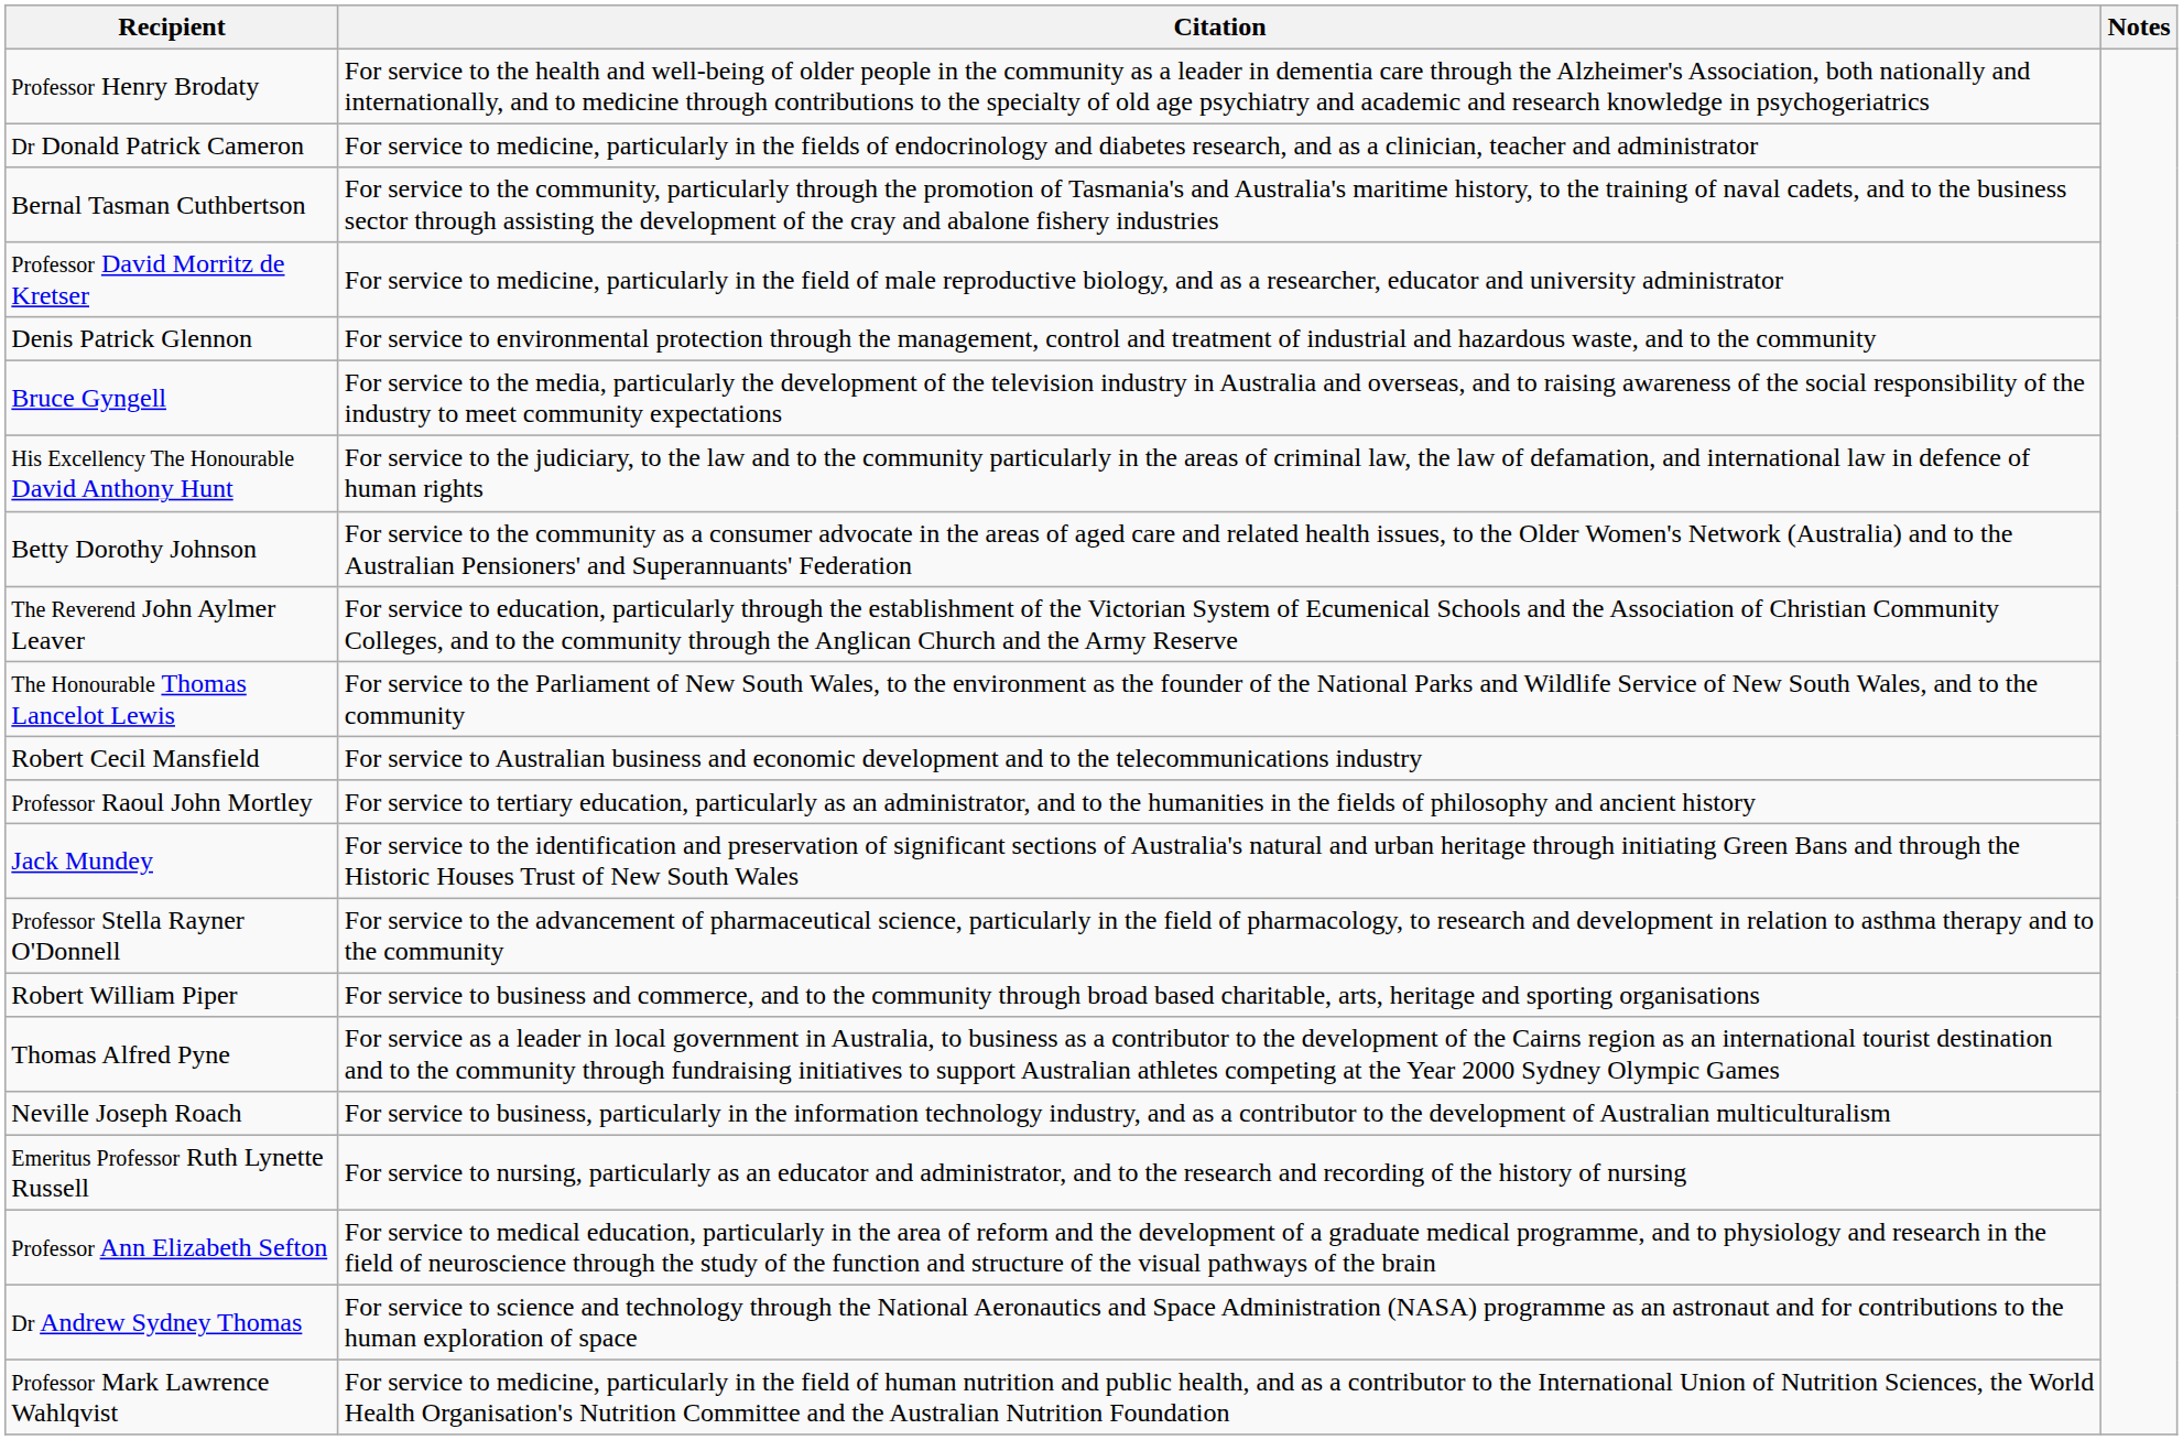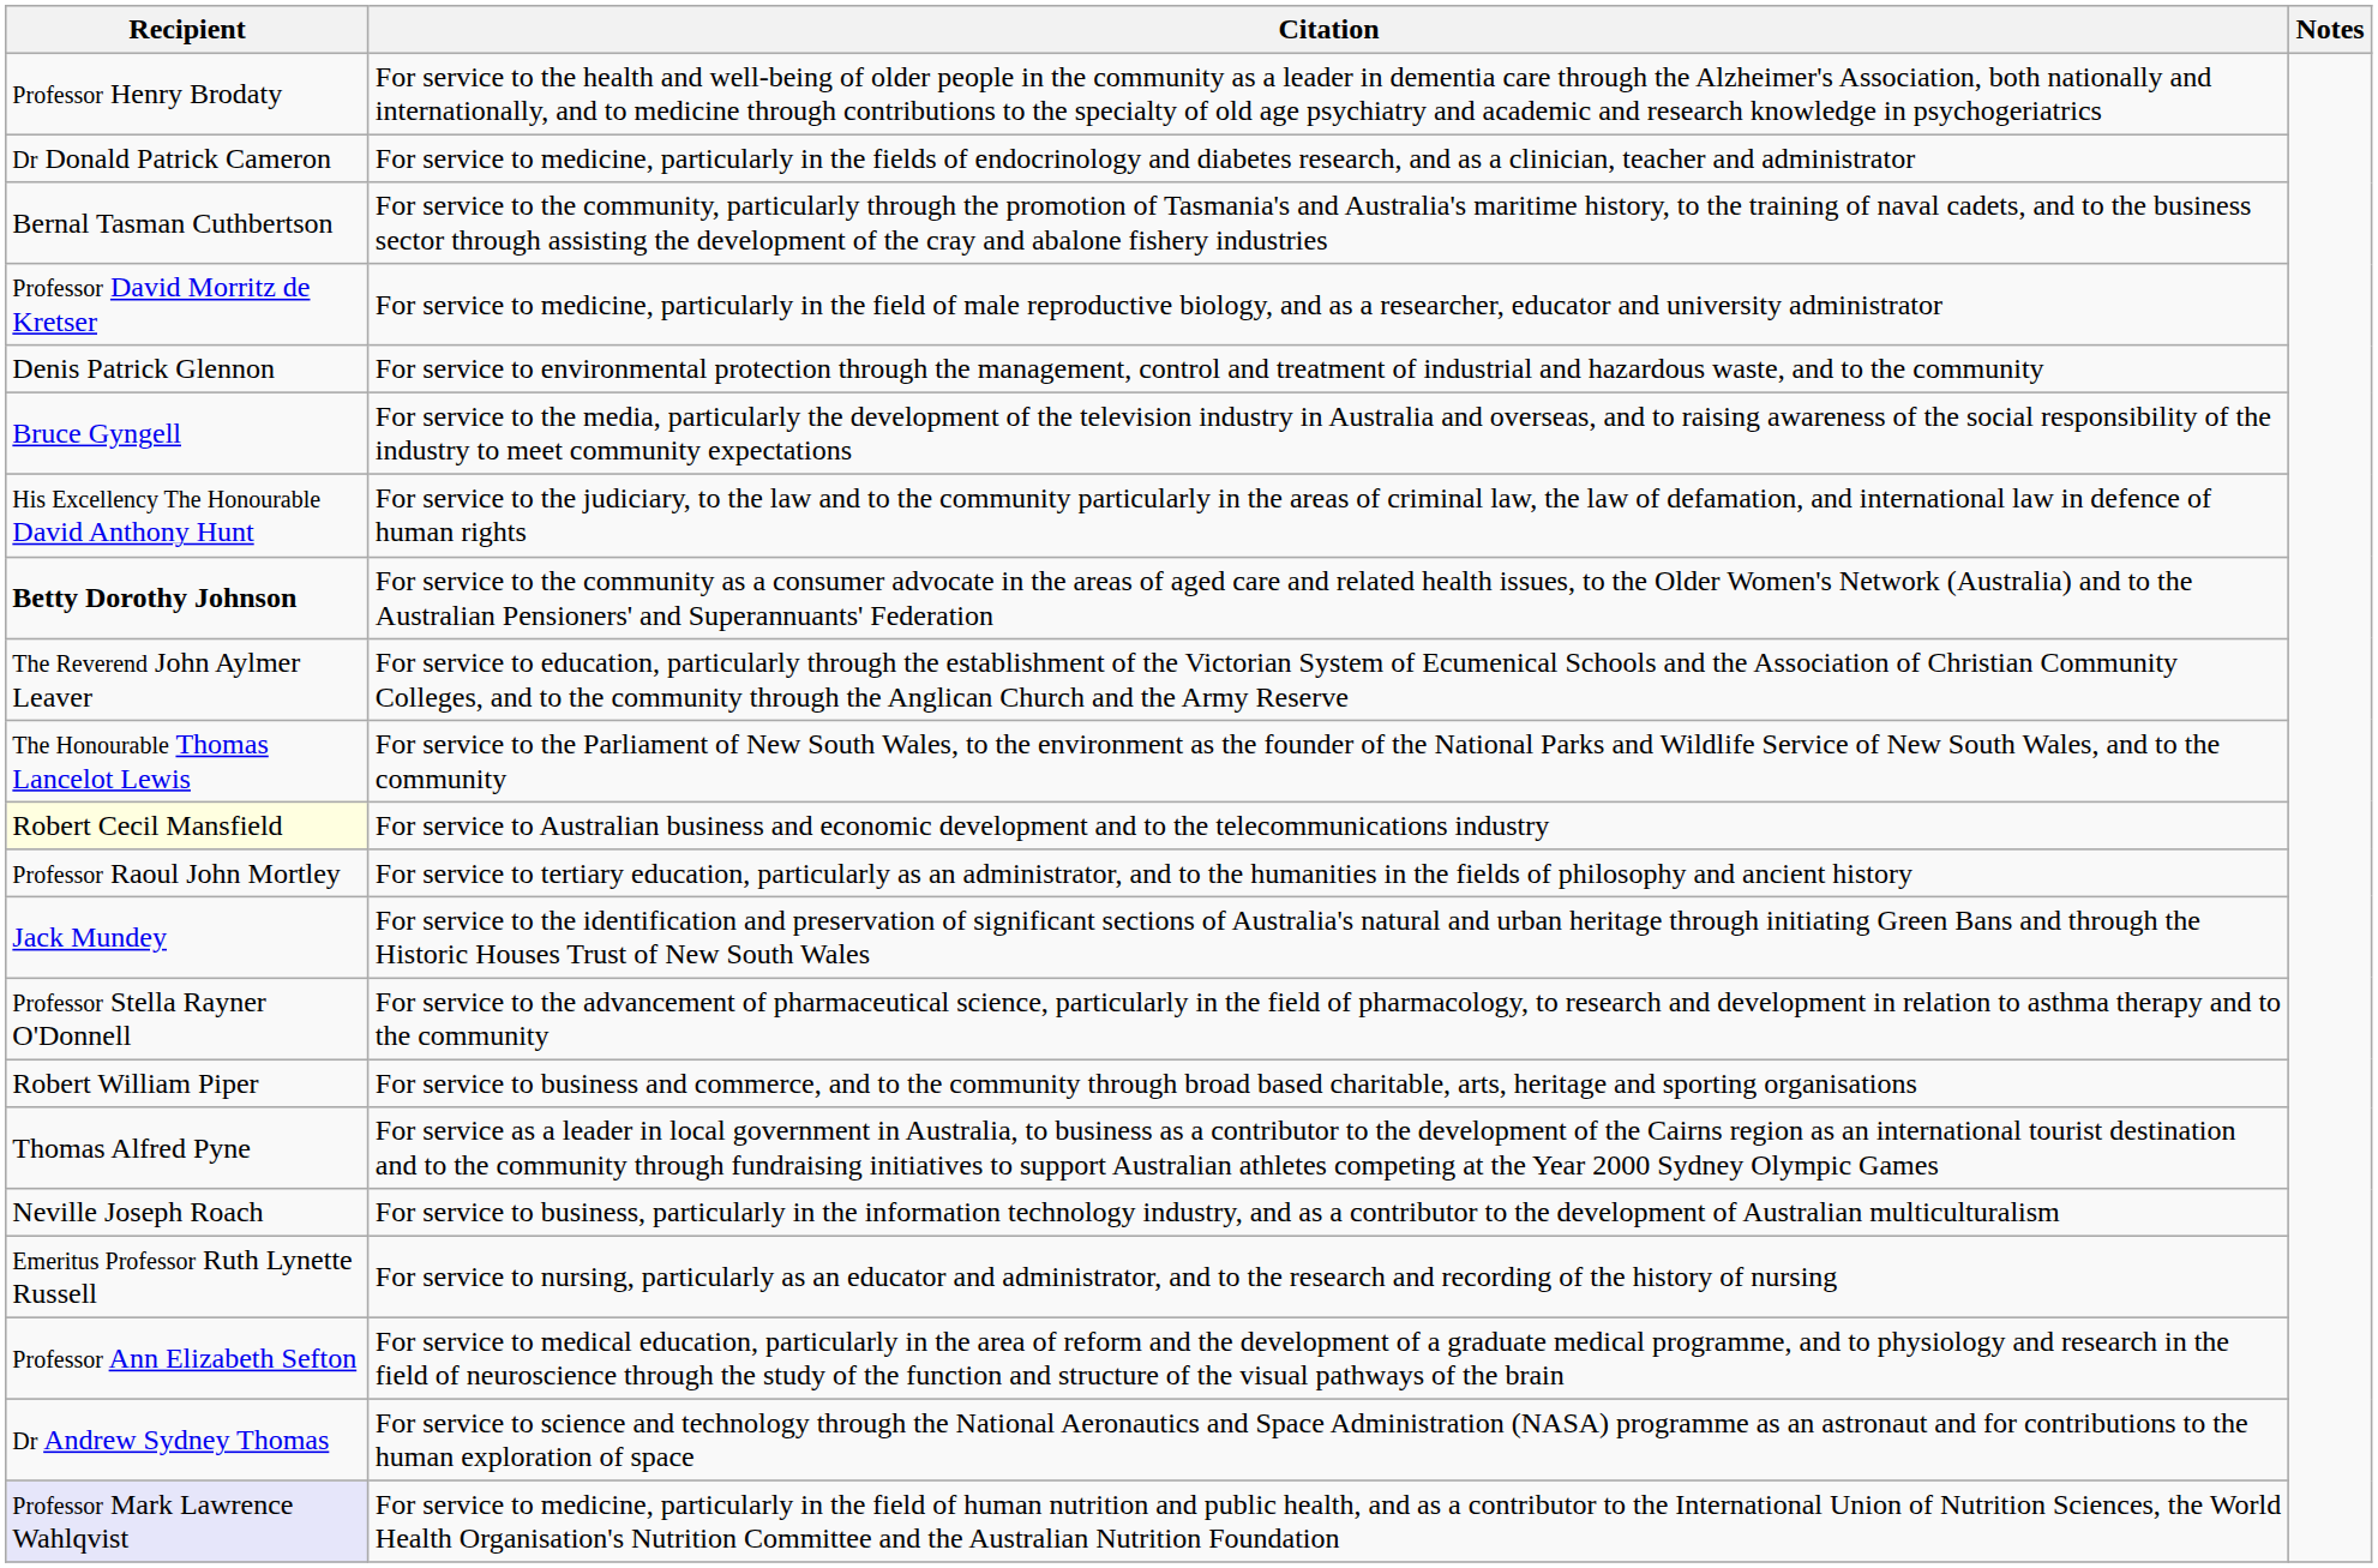 <table class="wikitable" style="font-size:95%;">
 <tr>
 <th>Recipient</th>
 <th>Citation</th>
 <th>Notes</th>
 </tr>
 <tr>
 <td><small>Professor</small> Henry Brodaty</td>
 <td>For service to the health and well-being of older people in the community as a leader in dementia care through the Alzheimer's Association, both nationally and internationally, and to medicine through contributions to the specialty of old age psychiatry and academic and research knowledge in psychogeriatrics</td>
 <td rowspan=21></td>
 </tr>
 <tr>
 <td><small>Dr</small> Donald Patrick Cameron</td>
 <td>For service to medicine, particularly in the fields of endocrinology and diabetes research, and as a clinician, teacher and administrator</td>
 </tr>
 <tr>
 <td>Bernal Tasman Cuthbertson</td>
 <td>For service to the community, particularly through the promotion of Tasmania's and Australia's maritime history, to the training of naval cadets, and to the business sector through assisting the development of the cray and abalone fishery industries</td>
 </tr>
 <tr>
 <td><small>Professor</small> <a href='#'>David Morritz de Kretser</a></td>
 <td>For service to medicine, particularly in the field of male reproductive biology, and as a researcher, educator and university administrator</td>
 </tr>
 <tr>
 <td>Denis Patrick Glennon</td>
 <td>For service to environmental protection through the management, control and treatment of industrial and hazardous waste, and to the community</td>
 </tr>
 <tr>
 <td><a href='#'>Bruce Gyngell</a></td>
 <td>For service to the media, particularly the development of the television industry in Australia and overseas, and to raising awareness of the social responsibility of the industry to meet community expectations</td>
 </tr>
 <tr>
 <td><small>His Excellency The Honourable</small> <a href='#'>David Anthony Hunt</a></td>
 <td>For service to the judiciary, to the law and to the community particularly in the areas of criminal law, the law of defamation, and international law in defence of human rights</td>
 </tr>
 <tr>
-<td>Betty Dorothy Johnson</td>
+<td><strong>Betty Dorothy Johnson</strong></td>
 <td>For service to the community as a consumer advocate in the areas of aged care and related health issues, to the Older Women's Network (Australia) and to the Australian Pensioners' and Superannuants' Federation</td>
 </tr>
 <tr>
 <td><small>The Reverend</small> John Aylmer Leaver</td>
 <td>For service to education, particularly through the establishment of the Victorian System of Ecumenical Schools and the Association of Christian Community Colleges, and to the community through the Anglican Church and the Army Reserve</td>
 </tr>
 <tr>
 <td><small>The Honourable</small> <a href='#'>Thomas Lancelot Lewis</a></td>
 <td>For service to the Parliament of New South Wales, to the environment as the founder of the National Parks and Wildlife Service of New South Wales, and to the community</td>
 </tr>
 <tr>
-<td>Robert Cecil Mansfield</td>
+<td style="background: lightyellow;">Robert Cecil Mansfield</td>
 <td>For service to Australian business and economic development and to the telecommunications industry</td>
 </tr>
 <tr>
 <td><small>Professor</small> Raoul John Mortley</td>
 <td>For service to tertiary education, particularly as an administrator, and to the humanities in the fields of philosophy and ancient history</td>
 </tr>
 <tr>
 <td><a href='#'>Jack Mundey</a></td>
 <td>For service to the identification and preservation of significant sections of Australia's natural and urban heritage through initiating Green Bans and through the Historic Houses Trust of New South Wales</td>
 </tr>
 <tr>
 <td><small>Professor</small> Stella Rayner O'Donnell</td>
 <td>For service to the advancement of pharmaceutical science, particularly in the field of pharmacology, to research and development in relation to asthma therapy and to the community</td>
 </tr>
 <tr>
 <td>Robert William Piper</td>
 <td>For service to business and commerce, and to the community through broad based charitable, arts, heritage and sporting organisations</td>
 </tr>
 <tr>
 <td>Thomas Alfred Pyne</td>
 <td>For service as a leader in local government in Australia, to business as a contributor to the development of the Cairns region as an international tourist destination and to the community through fundraising initiatives to support Australian athletes competing at the Year 2000 Sydney Olympic Games</td>
 </tr>
 <tr>
 <td>Neville Joseph Roach</td>
 <td>For service to business, particularly in the information technology industry, and as a contributor to the development of Australian multiculturalism</td>
 </tr>
 <tr>
 <td><small>Emeritus Professor</small> Ruth Lynette Russell</td>
 <td>For service to nursing, particularly as an educator and administrator, and to the research and recording of the history of nursing</td>
 </tr>
 <tr>
 <td><small>Professor</small> <a href='#'>Ann Elizabeth Sefton</a></td>
 <td>For service to medical education, particularly in the area of reform and the development of a graduate medical programme, and to physiology and research in the field of neuroscience through the study of the function and structure of the visual pathways of the brain</td>
 </tr>
 <tr>
 <td><small>Dr</small> <a href='#'>Andrew Sydney Thomas</a></td>
 <td>For service to science and technology through the National Aeronautics and Space Administration (NASA) programme as an astronaut and for contributions to the human exploration of space</td>
 </tr>
 <tr>
-<td><small>Professor</small> Mark Lawrence Wahlqvist</td>
+<td style="background: lavender;"><small>Professor</small> Mark Lawrence Wahlqvist</td>
 <td>For service to medicine, particularly in the field of human nutrition and public health, and as a contributor to the International Union of Nutrition Sciences, the World Health Organisation's Nutrition Committee and the Australian Nutrition Foundation</td>
 </tr>
 </table>
